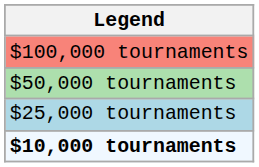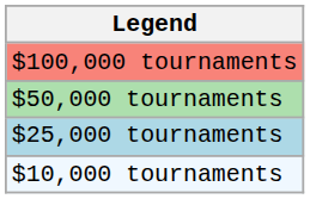 <table class="wikitable" style="font-size:85%;">
 <tr>
 <th>Legend</th>
 </tr>
 <tr style="background:#f88379;">
 <td>$100,000 tournaments</td>
 </tr>
 <tr style="background:#addfad;">
 <td>$50,000 tournaments</td>
 </tr>
 <tr style="background:lightblue;">
 <td>$25,000 tournaments</td>
 </tr>
 <tr style="background:#f0f8ff;">
-<td><strong>$10,000 tournaments</strong></td>
+<td>$10,000 tournaments</td>
 </tr>
 </table>
